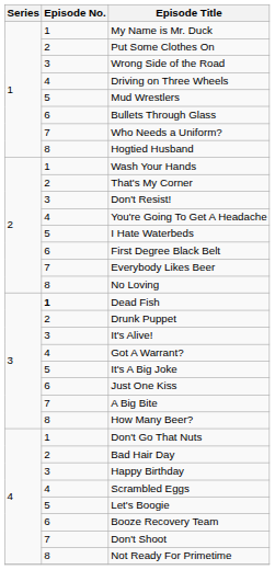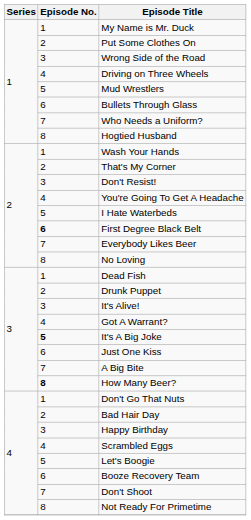 <table class="wikitable">
 <tr>
 <th>Series</th>
 <th>Episode No.</th>
 <th>Episode Title</th>
 </tr>
 <tr>
 <td rowspan="8">1</td>
 <td>1</td>
 <td>My Name is Mr. Duck</td>
 </tr>
 <tr>
 <td>2</td>
 <td>Put Some Clothes On</td>
 </tr>
 <tr>
 <td>3</td>
 <td>Wrong Side of the Road</td>
 </tr>
 <tr>
 <td>4</td>
 <td>Driving on Three Wheels</td>
 </tr>
 <tr>
 <td>5</td>
 <td>Mud Wrestlers</td>
 </tr>
 <tr>
 <td>6</td>
 <td>Bullets Through Glass</td>
 </tr>
 <tr>
 <td>7</td>
 <td>Who Needs a Uniform?</td>
 </tr>
 <tr>
 <td>8</td>
 <td>Hogtied Husband</td>
 </tr>
 <tr>
 <td rowspan="8">2</td>
 <td>1</td>
 <td>Wash Your Hands</td>
 </tr>
 <tr>
 <td>2</td>
 <td>That's My Corner</td>
 </tr>
 <tr>
 <td>3</td>
 <td>Don't Resist!</td>
 </tr>
 <tr>
 <td>4</td>
 <td>You're Going To Get A Headache</td>
 </tr>
 <tr>
 <td>5</td>
 <td>I Hate Waterbeds</td>
 </tr>
 <tr>
-<td>6</td>
+<td><strong>6</strong></td>
 <td>First Degree Black Belt</td>
 </tr>
 <tr>
 <td>7</td>
 <td>Everybody Likes Beer</td>
 </tr>
 <tr>
 <td>8</td>
 <td>No Loving</td>
 </tr>
 <tr>
 <td rowspan="8">3</td>
-<td><strong>1</strong></td>
+<td>1</td>
 <td>Dead Fish</td>
 </tr>
 <tr>
 <td>2</td>
 <td>Drunk Puppet</td>
 </tr>
 <tr>
 <td>3</td>
 <td>It's Alive!</td>
 </tr>
 <tr>
 <td>4</td>
 <td>Got A Warrant?</td>
 </tr>
 <tr>
-<td>5</td>
+<td><strong>5</strong></td>
 <td>It's A Big Joke</td>
 </tr>
 <tr>
 <td>6</td>
 <td>Just One Kiss</td>
 </tr>
 <tr>
 <td>7</td>
 <td>A Big Bite</td>
 </tr>
 <tr>
-<td>8</td>
+<td><strong>8</strong></td>
 <td>How Many Beer?</td>
 </tr>
 <tr>
 <td rowspan="8">4</td>
 <td>1</td>
 <td>Don't Go That Nuts</td>
 </tr>
 <tr>
 <td>2</td>
 <td>Bad Hair Day</td>
 </tr>
 <tr>
 <td>3</td>
 <td>Happy Birthday</td>
 </tr>
 <tr>
 <td>4</td>
 <td>Scrambled Eggs</td>
 </tr>
 <tr>
 <td>5</td>
 <td>Let's Boogie</td>
 </tr>
 <tr>
 <td>6</td>
 <td>Booze Recovery Team</td>
 </tr>
 <tr>
 <td>7</td>
 <td>Don't Shoot</td>
 </tr>
 <tr>
 <td>8</td>
 <td>Not Ready For Primetime</td>
 </tr>
 <tr>
 </tr>
 </table>
